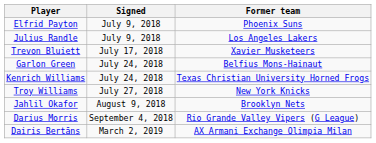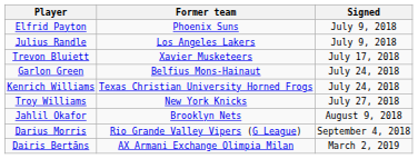 <table class="wikitable sortable sortable" style="text-align:center;">
 <tr>
 <th>Player</th>
+<th>Former team</th>
 <th>Signed</th>
-<th>Former team</th>
 </tr>
 <tr>
 <td><a href='#'>Elfrid Payton</a></td>
+<td><a href='#'>Phoenix Suns</a></td>
 <td>July 9, 2018</td>
-<td><a href='#'>Phoenix Suns</a></td>
 </tr>
 <tr>
 <td><a href='#'>Julius Randle</a></td>
+<td><a href='#'>Los Angeles Lakers</a></td>
 <td>July 9, 2018</td>
-<td><a href='#'>Los Angeles Lakers</a></td>
 </tr>
 <tr>
 <td><a href='#'>Trevon Bluiett</a></td>
+<td><a href='#'>Xavier Musketeers</a></td>
 <td>July 17, 2018</td>
-<td><a href='#'>Xavier Musketeers</a></td>
 </tr>
 <tr>
 <td><a href='#'>Garlon Green</a></td>
+<td> <a href='#'>Belfius Mons-Hainaut</a></td>
 <td>July 24, 2018</td>
-<td> <a href='#'>Belfius Mons-Hainaut</a></td>
 </tr>
 <tr>
 <td><a href='#'>Kenrich Williams</a></td>
+<td><a href='#'>Texas Christian University Horned Frogs</a></td>
 <td>July 24, 2018</td>
-<td><a href='#'>Texas Christian University Horned Frogs</a></td>
 </tr>
 <tr>
 <td><a href='#'>Troy Williams</a></td>
+<td><a href='#'>New York Knicks</a></td>
 <td>July 27, 2018</td>
-<td><a href='#'>New York Knicks</a></td>
 </tr>
 <tr>
 <td><a href='#'>Jahlil Okafor</a></td>
+<td><a href='#'>Brooklyn Nets</a></td>
 <td>August 9, 2018</td>
-<td><a href='#'>Brooklyn Nets</a></td>
 </tr>
 <tr>
 <td><a href='#'>Darius Morris</a></td>
+<td><a href='#'>Rio Grande Valley Vipers</a> (<a href='#'>G League</a>)</td>
 <td>September 4, 2018</td>
-<td><a href='#'>Rio Grande Valley Vipers</a> (<a href='#'>G League</a>)</td>
 </tr>
 <tr>
 <td><a href='#'>Dairis Bertāns</a></td>
+<td> <a href='#'>AX Armani Exchange Olimpia Milan</a></td>
 <td>March 2, 2019</td>
-<td> <a href='#'>AX Armani Exchange Olimpia Milan</a></td>
 </tr>
 </table>
